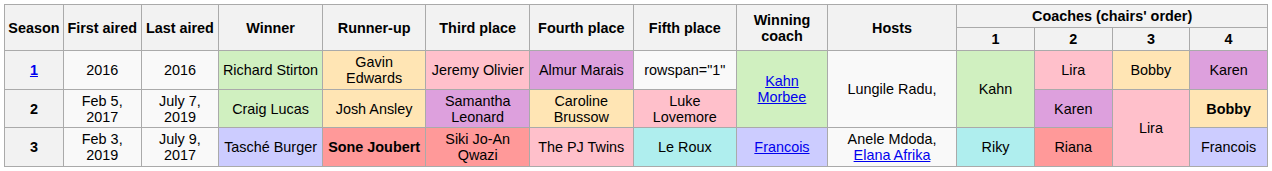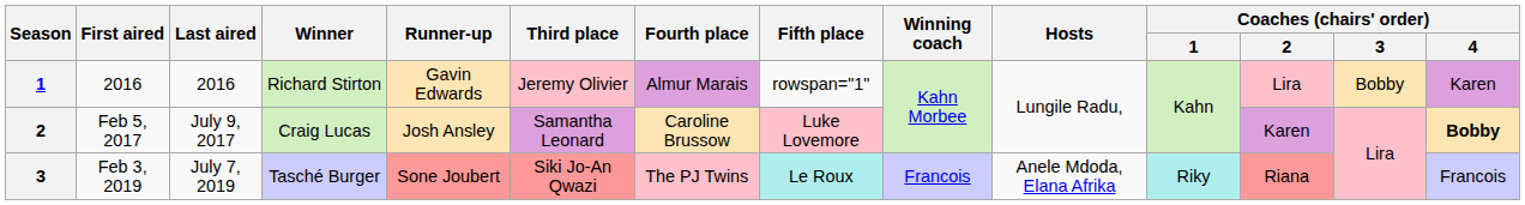 <table class="wikitable" style="text-align:center; font-size:90%; line-height:16px;" width="100%">
 <tr>
 <th width="3%" rowspan="2" scope="col">Season</th>
 <th scope="col" rowspan="2" width="06%">First aired</th>
 <th scope="col" rowspan="2" width="06%">Last aired</th>
 <th scope="col" rowspan="2" width="08%">Winner</th>
 <th scope="col" rowspan="2" width="08%">Runner-up</th>
 <th scope="col" rowspan="2" width="08%">Third place</th>
 <th scope="col" rowspan="2" width="08%">Fourth place</th>
 <th scope="col" rowspan="2" width="08%">Fifth place</th>
 <th scope="col" rowspan="2" width="07%">Winning coach</th>
 <th scope="col" colspan="1" rowspan="2" width="10%">Hosts</th>
 <th scope="col" colspan="4" width="25%">Coaches (chairs' order)</th>
 </tr>
 <tr>
 <th width="6%">1</th>
 <th width="6%">2</th>
 <th width="6%">3</th>
 <th width="6%">4</th>
 </tr>
 <tr>
 <th scope="row" rowspan="1"><a href='#'>1</a></th>
 <td rowspan="1"> 2016</td>
 <td rowspan="1"> 2016</td>
 <td rowspan="1" style="background:#d0f0c0;">Richard Stirton</td>
 <td rowspan="1" style="background:#ffe5b4;">Gavin Edwards</td>
 <td style="background:Pink">Jeremy Olivier</td>
 <td style="background:#dda0dd;">Almur Marais</td>
 <td>rowspan="1" </td>
 <td rowspan="2" style="background:#d0f0c0;"><a href='#'>Kahn Morbee</a></td>
 <td rowspan="2">Lungile Radu, </td>
 <td rowspan="2" style="background:#d0f0c0;">Kahn</td>
 <td rowspan="1" style="background:pink;">Lira</td>
 <td rowspan="1" style="background:#ffe5b4;">Bobby</td>
 <td style="background:#dda0dd;">Karen</td>
 </tr>
 <tr>
 <th scope="row" rowspan="1">2</th>
 <td rowspan="1">Feb 5, 2017</td>
-<td>July 7, 2019</td>
+<td rowspan="1">July 9, 2017</td>
 <td rowspan="1" style="background:#d0f0c0;">Craig Lucas</td>
 <td rowspan="1" style="background:#ffe5b4;">Josh Ansley</td>
 <td style="background:#dda0dd;">Samantha Leonard</td>
 <td style="background:#ffe5b4;">Caroline Brussow</td>
 <td style="background:Pink">Luke Lovemore</td>
 <td style="background:#dda0dd;">Karen</td>
 <td rowspan="2" style="background:pink;">Lira</td>
 <td rowspan="1" style="background:#ffe5b4;"><strong>Bobby</strong></td>
 </tr>
 <tr>
 <th scope="row">3</th>
 <td>Feb 3, 2019</td>
-<td rowspan="1">July 9, 2017</td>
+<td>July 7, 2019</td>
 <td style="background:#ccf;">Tasché Burger</td>
-<td style="background:#ff9999;"><strong>Sone Joubert</strong></td>
+<td style="background:#ff9999;">Sone Joubert</td>
 <td style="background:#ff9999;">Siki Jo-An Qwazi</td>
 <td style="background:pink;">The PJ Twins</td>
 <td bgcolor=#afeeee> Le Roux</td>
 <td style="background:#ccf;"><a href='#'>Francois </a></td>
 <td rowspan="7">Anele Mdoda, <a href='#'>Elana Afrika</a></td>
 <td style="background:#afeeee;">Riky</td>
 <td style="background:#ff9999;">Riana</td>
 <td style="background:#ccf;">Francois</td>
 </tr>
 <tr>
 </tr>
 </table>
